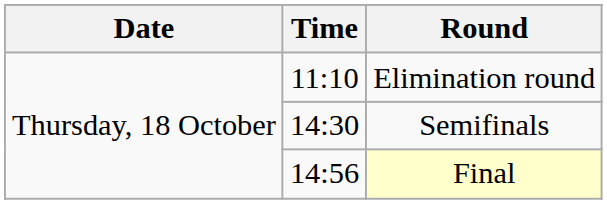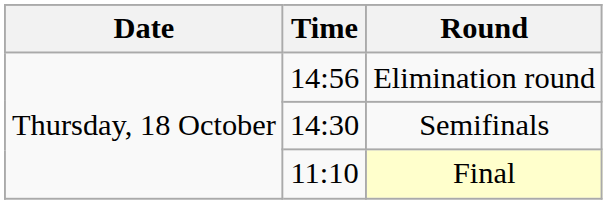 <table class = "wikitable" style="text-align:center;">
 <tr>
 <th>Date</th>
 <th>Time</th>
 <th>Round</th>
 </tr>
 <tr>
 <td rowspan=3>Thursday, 18 October</td>
-<td>11:10</td>
+<td>14:56</td>
 <td>Elimination round</td>
 </tr>
 <tr>
 <td>14:30</td>
 <td>Semifinals</td>
 </tr>
 <tr>
-<td>14:56</td>
+<td>11:10</td>
 <td bgcolor=ffffcc>Final</td>
 </tr>
 </table>
